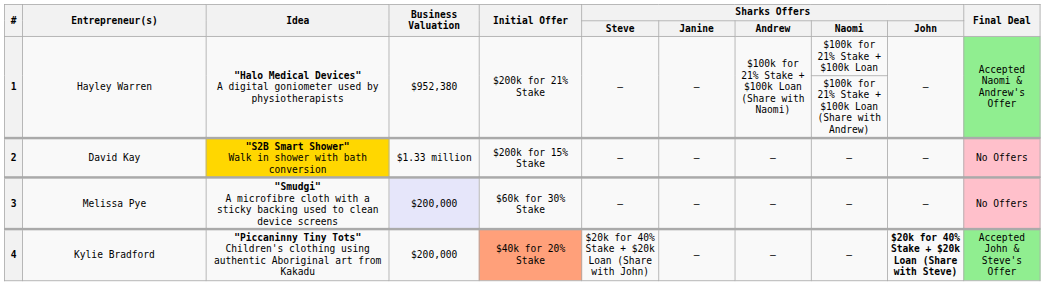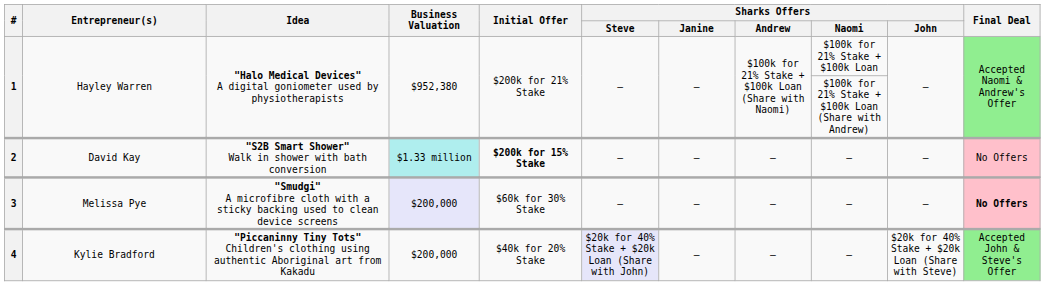 <table class="wikitable plainrowheaders" style="font-size:90%; text-align:center; width: 100%; margin-left: auto; margin-right: auto;">
 <tr>
 <th scope="col" bgcolor="lightgrey" rowspan="2" width="15" align="center">#</th>
 <th scope="col" bgcolor="lightgrey" rowspan="2" width="200" align="center">Entrepreneur(s)</th>
 <th scope="col" bgcolor="lightgrey" rowspan="2" width="200" align="center">Idea</th>
 <th scope="col" bgcolor="lightgrey" rowspan="2" width="95" align="center">Business Valuation</th>
 <th scope="col" bgcolor="lightgrey" rowspan="2" width="110" align="center">Initial Offer</th>
 <th scope="col" bgcolor="lightgrey" colspan="5">Sharks Offers</th>
 <th scope="col" bgcolor="lightgrey" rowspan="2" width="80" align="center">Final Deal</th>
 </tr>
 <tr>
 <th width="80" align="center"><strong>Steve</strong></th>
 <th width="80" align="center"><strong>Janine</strong></th>
 <th width="80" align="center"><strong>Andrew</strong></th>
 <th width="80" align="center"><strong>Naomi</strong></th>
 <th width="80" align="center"><strong>John</strong></th>
 </tr>
 <tr>
 <th rowspan="2">1</th>
 <td rowspan="2">Hayley Warren</td>
 <td rowspan="2"><strong>"Halo Medical Devices"</strong><br> A digital goniometer used by physiotherapists</td>
 <td rowspan="2">$952,380</td>
 <td rowspan="2">$200k for 21% Stake</td>
 <td rowspan="2">—</td>
 <td rowspan="2">—</td>
 <td rowspan="2">$100k for 21% Stake + $100k Loan (Share with Naomi)</td>
 <td>$100k for 21% Stake + $100k Loan</td>
 <td rowspan="2">—</td>
 <td rowspan="2" bgcolor="lightgreen">Accepted Naomi & Andrew's Offer</td>
 </tr>
 <tr>
 <td>$100k for 21% Stake + $100k Loan (Share with Andrew)</td>
 </tr>
 <tr>
 </tr>
 <tr style="border-top:3px solid #aaa;">
 <th>2</th>
 <td>David Kay</td>
-<td style="background: gold;"><strong>"S2B Smart Shower"</strong><br> Walk in shower with bath conversion</td>
-<td>$1.33 million</td>
-<td>$200k for 15% Stake</td>
+<td><strong>"S2B Smart Shower"</strong><br> Walk in shower with bath conversion</td>
+<td style="background: paleturquoise;">$1.33 million</td>
+<td><strong>$200k for 15% Stake</strong></td>
 <td>—</td>
 <td>—</td>
 <td>—</td>
 <td>—</td>
 <td>—</td>
 <td bgcolor="pink">No Offers</td>
 </tr>
 <tr>
 </tr>
 <tr style="border-top:3px solid #aaa;">
 <th>3</th>
 <td>Melissa Pye</td>
 <td><strong>"Smudgi"</strong><br> A microfibre cloth with a sticky backing used to clean device screens</td>
 <td style="background: lavender;">$200,000</td>
 <td>$60k for 30% Stake</td>
 <td>—</td>
 <td>—</td>
 <td>—</td>
 <td>—</td>
 <td>—</td>
-<td bgcolor="pink">No Offers</td>
+<td bgcolor="pink"><strong>No Offers</strong></td>
 </tr>
 <tr>
 </tr>
 <tr style="border-top:3px solid #aaa;">
 <th>4</th>
 <td>Kylie Bradford</td>
 <td><strong>"Piccaninny Tiny Tots"</strong><br> Children's clothing using authentic Aboriginal art from Kakadu</td>
 <td>$200,000</td>
-<td style="background: lightsalmon;">$40k for 20% Stake</td>
-<td>$20k for 40% Stake + $20k Loan (Share with John)</td>
+<td>$40k for 20% Stake</td>
+<td style="background: lavender;">$20k for 40% Stake + $20k Loan (Share with John)</td>
 <td>—</td>
 <td>—</td>
 <td>—</td>
-<td><strong>$20k for 40% Stake + $20k Loan (Share with Steve)</strong></td>
+<td>$20k for 40% Stake + $20k Loan (Share with Steve)</td>
 <td bgcolor="lightgreen">Accepted John & Steve's Offer</td>
 </tr>
 </table>
